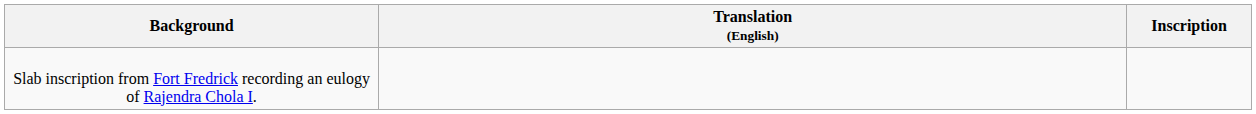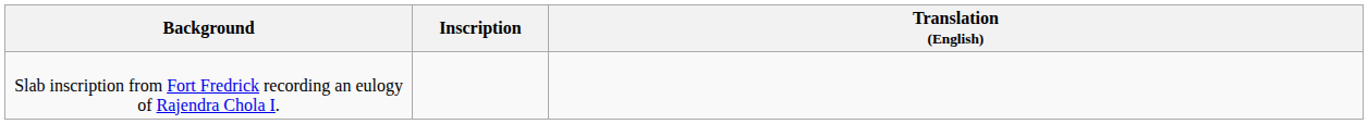 <table class="wikitable centre">
 <tr>
 <th scope="col" align=left>Background<br></th>
+<th>Inscription<br></th>
 <th>Translation<br><small>(English)</small></th>
-<th>Inscription<br></th>
 </tr>
 <tr>
 <td align=center width="30%"><br>Slab inscription from <a href='#'>Fort Fredrick</a> recording an eulogy of <a href='#'>Rajendra Chola I</a>.</td>
+<td align=center width="10%"></td>
 <td align=left><br></td>
-<td align=center width="10%"></td>
 </tr>
 </table>
